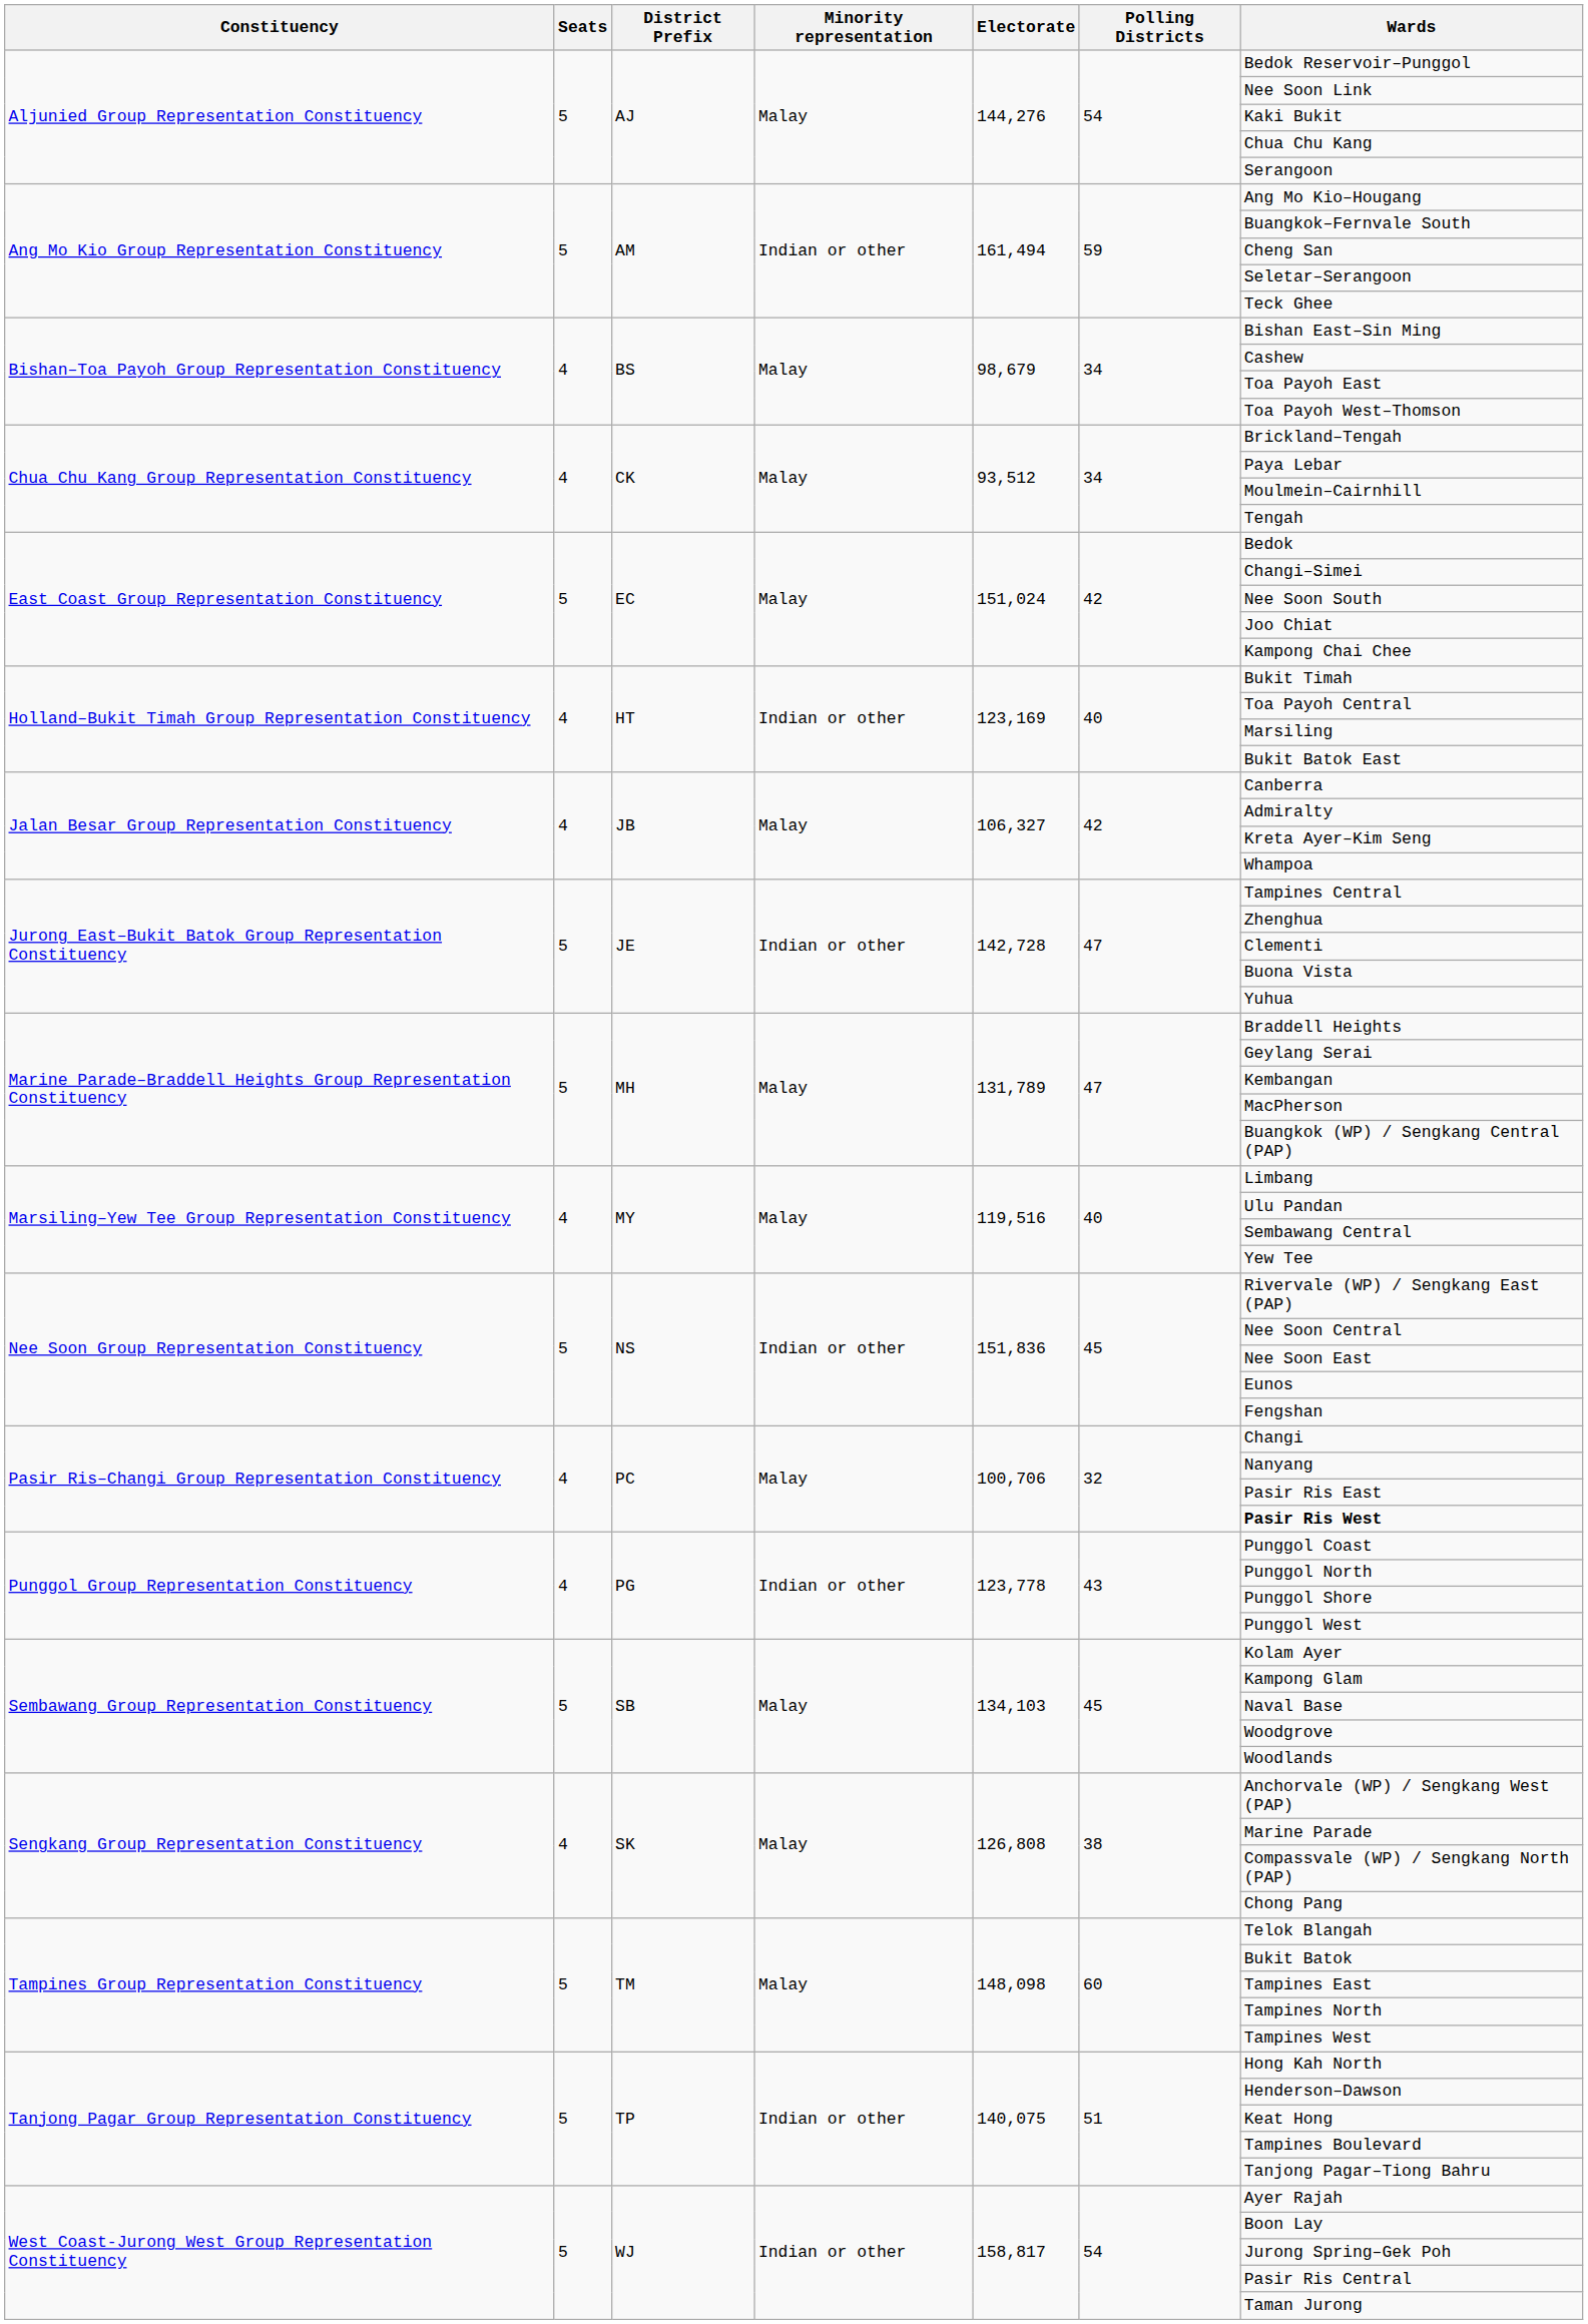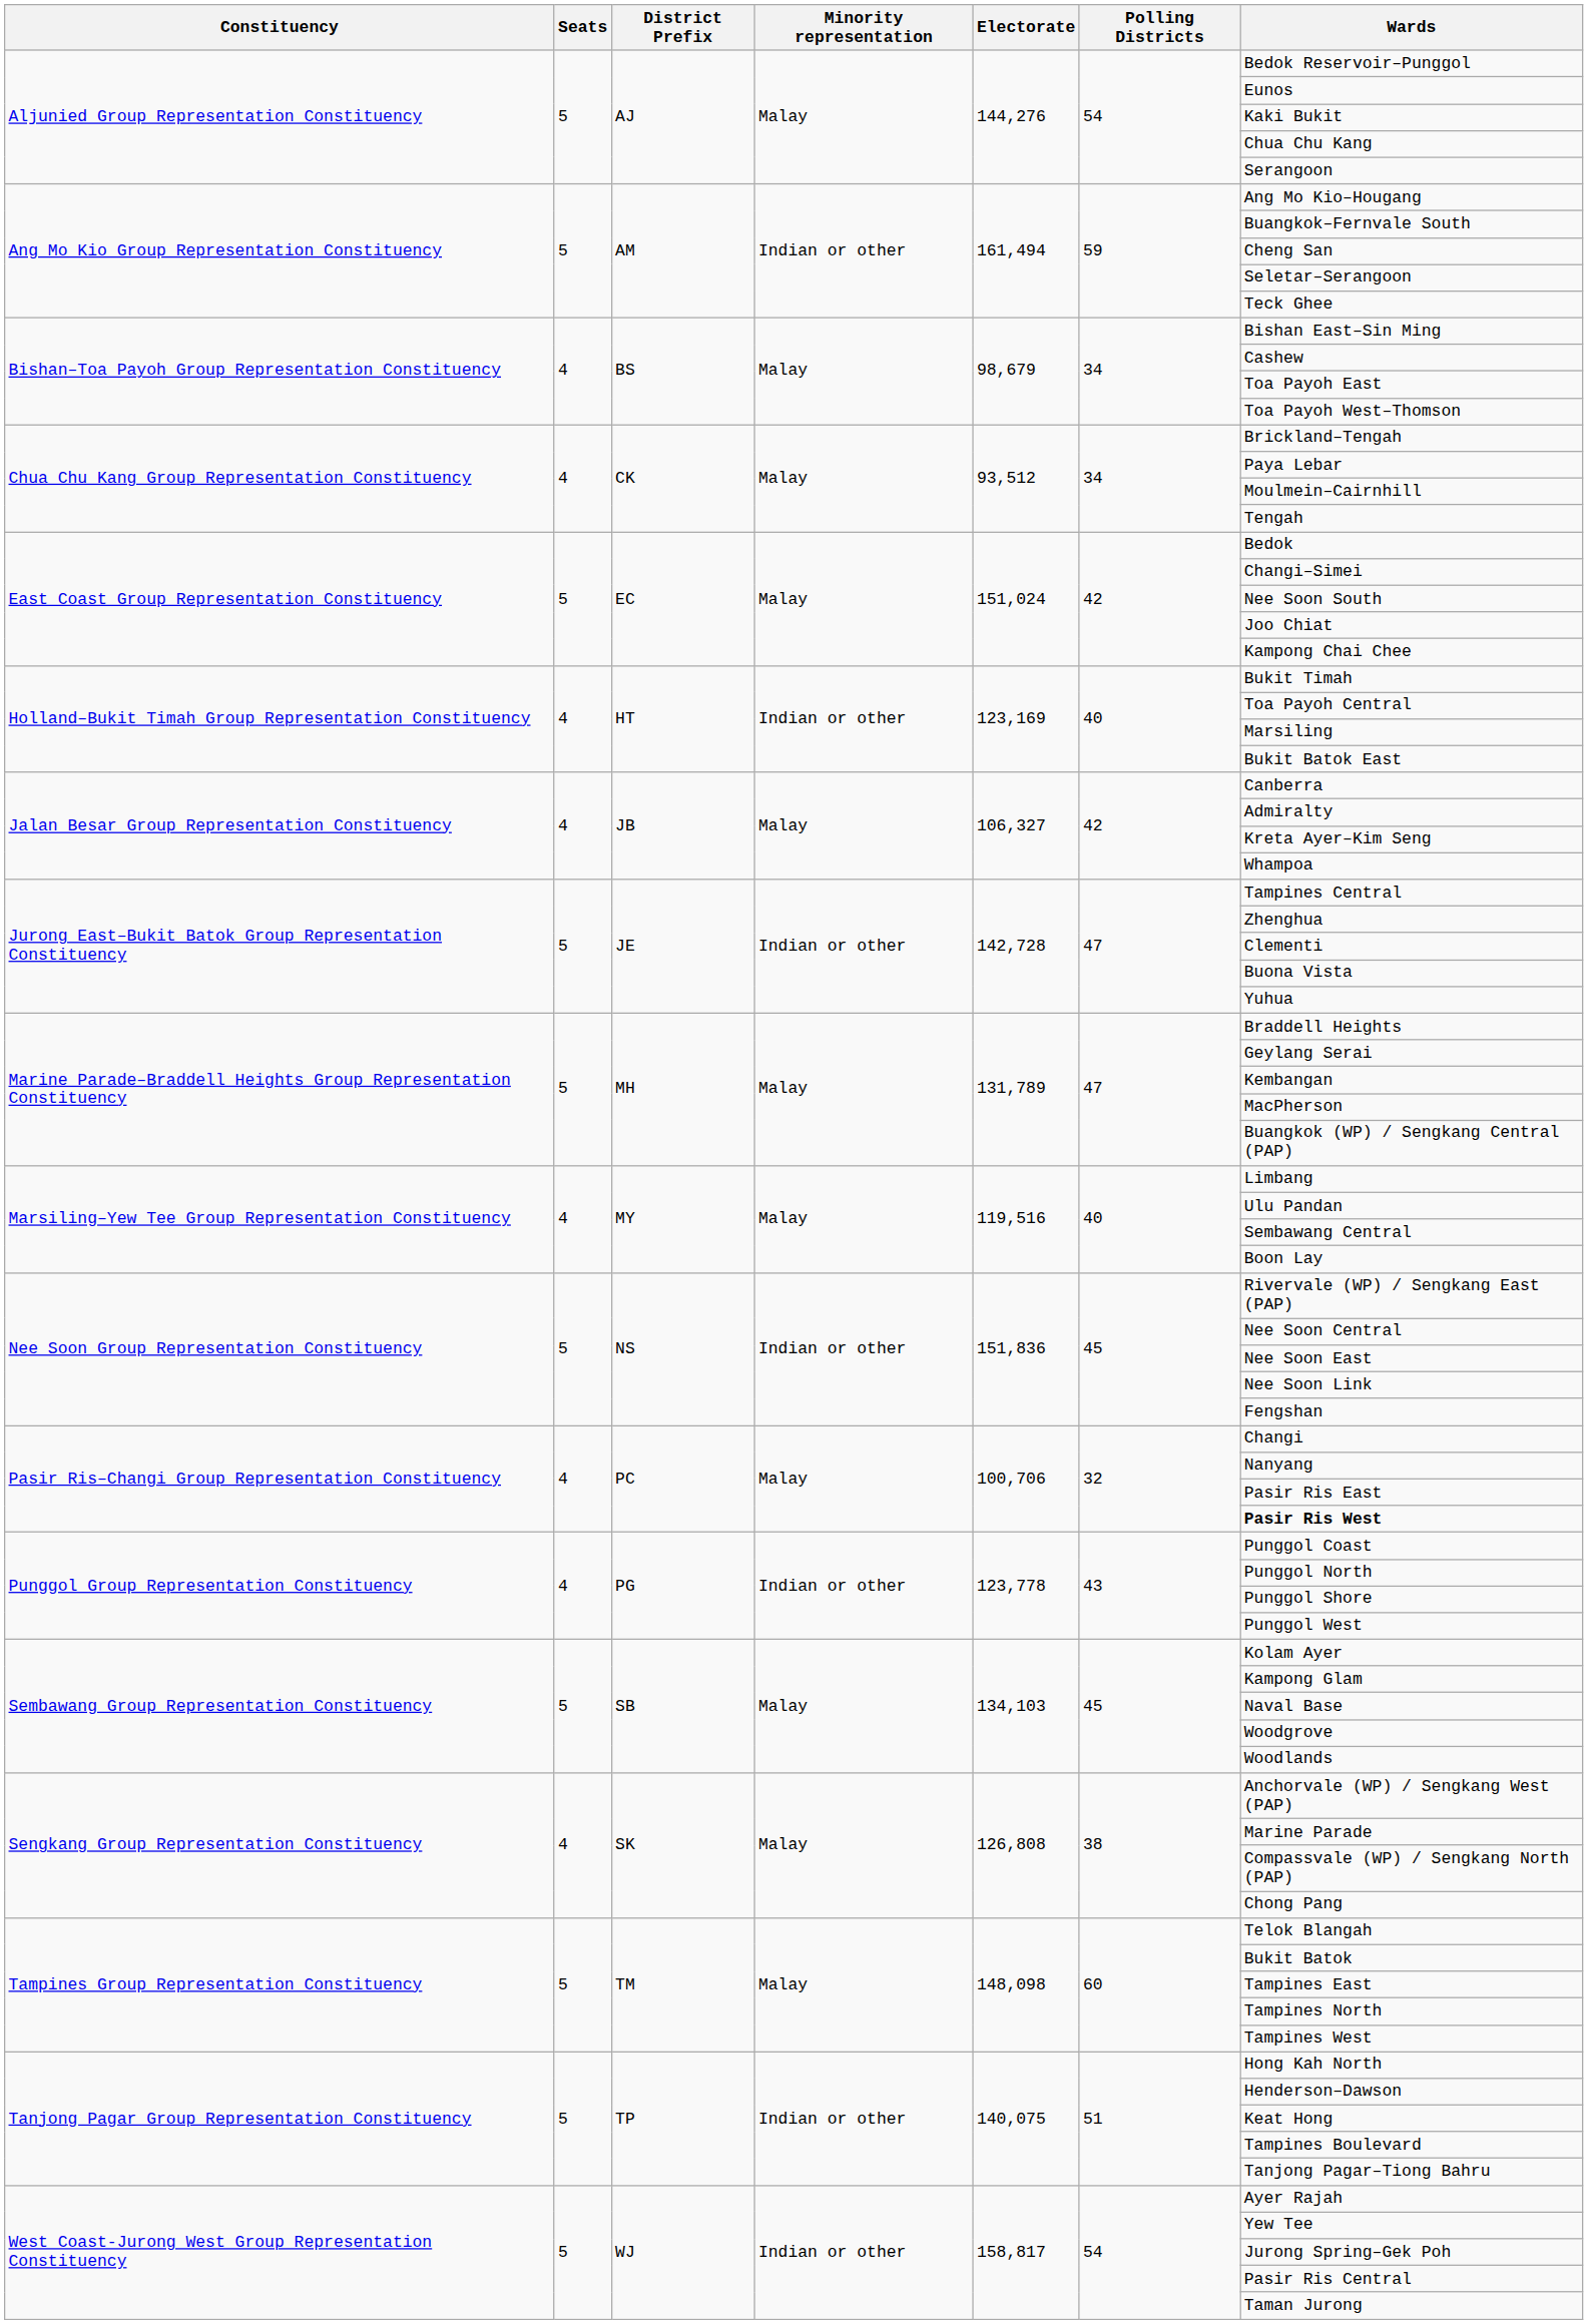 <table class="wikitable sortable">
 <tr>
 <th>Constituency</th>
 <th>Seats</th>
 <th>District Prefix</th>
 <th>Minority representation</th>
 <th>Electorate</th>
 <th>Polling Districts</th>
 <th>Wards</th>
 </tr>
 <tr>
 <td rowspan="5"><a href='#'>Aljunied Group Representation Constituency</a></td>
 <td rowspan="5">5</td>
 <td rowspan="5">AJ</td>
 <td rowspan="5">Malay</td>
 <td rowspan="5">144,276</td>
 <td rowspan="5">54</td>
 <td>Bedok Reservoir–Punggol</td>
 </tr>
 <tr>
-<td>Nee Soon Link</td>
+<td>Eunos</td>
 </tr>
 <tr>
 <td>Kaki Bukit</td>
 </tr>
 <tr>
 <td>Chua Chu Kang</td>
 </tr>
 <tr>
 <td>Serangoon</td>
 </tr>
 <tr>
 <td rowspan="5"><a href='#'>Ang Mo Kio Group Representation Constituency</a></td>
 <td rowspan="5">5</td>
 <td rowspan="5">AM</td>
 <td rowspan="5">Indian or other</td>
 <td rowspan="5">161,494</td>
 <td rowspan="5">59</td>
 <td>Ang Mo Kio–Hougang</td>
 </tr>
 <tr>
 <td>Buangkok–Fernvale South</td>
 </tr>
 <tr>
 <td>Cheng San</td>
 </tr>
 <tr>
 <td>Seletar–Serangoon</td>
 </tr>
 <tr>
 <td>Teck Ghee</td>
 </tr>
 <tr>
 <td rowspan="4"><a href='#'>Bishan–Toa Payoh Group Representation Constituency</a></td>
 <td rowspan="4">4</td>
 <td rowspan="4">BS</td>
 <td rowspan="4">Malay</td>
 <td rowspan="4">98,679</td>
 <td rowspan="4">34</td>
 <td>Bishan East–Sin Ming</td>
 </tr>
 <tr>
 <td>Cashew</td>
 </tr>
 <tr>
 <td>Toa Payoh East</td>
 </tr>
 <tr>
 <td>Toa Payoh West–Thomson</td>
 </tr>
 <tr>
 <td rowspan="4"><a href='#'>Chua Chu Kang Group Representation Constituency</a></td>
 <td rowspan="4">4</td>
 <td rowspan="4">CK</td>
 <td rowspan="4">Malay</td>
 <td rowspan="4">93,512</td>
 <td rowspan="4">34</td>
 <td>Brickland–Tengah</td>
 </tr>
 <tr>
 <td>Paya Lebar</td>
 </tr>
 <tr>
 <td>Moulmein–Cairnhill</td>
 </tr>
 <tr>
 <td>Tengah</td>
 </tr>
 <tr>
 <td rowspan="5"><a href='#'>East Coast Group Representation Constituency</a></td>
 <td rowspan="5">5</td>
 <td rowspan="5">EC</td>
 <td rowspan="5">Malay</td>
 <td rowspan="5">151,024</td>
 <td rowspan="5">42</td>
 <td>Bedok</td>
 </tr>
 <tr>
 <td>Changi–Simei</td>
 </tr>
 <tr>
 <td>Nee Soon South</td>
 </tr>
 <tr>
 <td>Joo Chiat</td>
 </tr>
 <tr>
 <td>Kampong Chai Chee</td>
 </tr>
 <tr>
 <td rowspan="4"><a href='#'>Holland–Bukit Timah Group Representation Constituency</a></td>
 <td rowspan="4">4</td>
 <td rowspan="4">HT</td>
 <td rowspan="4">Indian or other</td>
 <td rowspan="4">123,169</td>
 <td rowspan="4">40</td>
 <td>Bukit Timah</td>
 </tr>
 <tr>
 <td>Toa Payoh Central</td>
 </tr>
 <tr>
 <td>Marsiling</td>
 </tr>
 <tr>
 <td>Bukit Batok East</td>
 </tr>
 <tr>
 <td rowspan="4"><a href='#'>Jalan Besar Group Representation Constituency</a></td>
 <td rowspan="4">4</td>
 <td rowspan="4">JB</td>
 <td rowspan="4">Malay</td>
 <td rowspan="4">106,327</td>
 <td rowspan="4">42</td>
 <td>Canberra</td>
 </tr>
 <tr>
 <td>Admiralty</td>
 </tr>
 <tr>
 <td>Kreta Ayer–Kim Seng</td>
 </tr>
 <tr>
 <td>Whampoa</td>
 </tr>
 <tr>
 <td rowspan="5"><a href='#'>Jurong East–Bukit Batok Group Representation Constituency</a></td>
 <td rowspan="5">5</td>
 <td rowspan="5">JE</td>
 <td rowspan="5">Indian or other</td>
 <td rowspan="5">142,728</td>
 <td rowspan="5">47</td>
 <td>Tampines Central</td>
 </tr>
 <tr>
 <td>Zhenghua</td>
 </tr>
 <tr>
 <td>Clementi</td>
 </tr>
 <tr>
 <td>Buona Vista</td>
 </tr>
 <tr>
 <td>Yuhua</td>
 </tr>
 <tr>
 <td rowspan="5"><a href='#'>Marine Parade–Braddell Heights Group Representation Constituency</a></td>
 <td rowspan="5">5</td>
 <td rowspan="5">MH</td>
 <td rowspan="5">Malay</td>
 <td rowspan="5">131,789</td>
 <td rowspan="5">47</td>
 <td>Braddell Heights</td>
 </tr>
 <tr>
 <td>Geylang Serai</td>
 </tr>
 <tr>
 <td>Kembangan</td>
 </tr>
 <tr>
 <td>MacPherson</td>
 </tr>
 <tr>
 <td>Buangkok (WP) / Sengkang Central (PAP)</td>
 </tr>
 <tr>
 <td rowspan="4"><a href='#'>Marsiling–Yew Tee Group Representation Constituency</a></td>
 <td rowspan="4">4</td>
 <td rowspan="4">MY</td>
 <td rowspan="4">Malay</td>
 <td rowspan="4">119,516</td>
 <td rowspan="4">40</td>
 <td>Limbang</td>
 </tr>
 <tr>
 <td>Ulu Pandan</td>
 </tr>
 <tr>
 <td>Sembawang Central</td>
 </tr>
 <tr>
-<td>Yew Tee</td>
+<td>Boon Lay</td>
 </tr>
 <tr>
 <td rowspan="5"><a href='#'>Nee Soon Group Representation Constituency</a></td>
 <td rowspan="5">5</td>
 <td rowspan="5">NS</td>
 <td rowspan="5">Indian or other</td>
 <td rowspan="5">151,836</td>
 <td rowspan="5">45</td>
 <td>Rivervale (WP) / Sengkang East (PAP)</td>
 </tr>
 <tr>
 <td>Nee Soon Central</td>
 </tr>
 <tr>
 <td>Nee Soon East</td>
 </tr>
 <tr>
-<td>Eunos</td>
+<td>Nee Soon Link</td>
 </tr>
 <tr>
 <td>Fengshan</td>
 </tr>
 <tr>
 <td rowspan="4"><a href='#'>Pasir Ris–Changi Group Representation Constituency</a></td>
 <td rowspan="4">4</td>
 <td rowspan="4">PC</td>
 <td rowspan="4">Malay</td>
 <td rowspan="4">100,706</td>
 <td rowspan="4">32</td>
 <td>Changi</td>
 </tr>
 <tr>
 <td>Nanyang</td>
 </tr>
 <tr>
 <td>Pasir Ris East</td>
 </tr>
 <tr>
 <td><strong>Pasir Ris West</strong></td>
 </tr>
 <tr>
 <td rowspan="4"><a href='#'>Punggol Group Representation Constituency</a></td>
 <td rowspan="4">4</td>
 <td rowspan="4">PG</td>
 <td rowspan="4">Indian or other</td>
 <td rowspan="4">123,778</td>
 <td rowspan="4">43</td>
 <td>Punggol Coast</td>
 </tr>
 <tr>
 <td>Punggol North</td>
 </tr>
 <tr>
 <td>Punggol Shore</td>
 </tr>
 <tr>
 <td>Punggol West</td>
 </tr>
 <tr>
 <td rowspan="5"><a href='#'>Sembawang Group Representation Constituency</a></td>
 <td rowspan="5">5</td>
 <td rowspan="5">SB</td>
 <td rowspan="5">Malay</td>
 <td rowspan="5">134,103</td>
 <td rowspan="5">45</td>
 <td>Kolam Ayer</td>
 </tr>
 <tr>
 <td>Kampong Glam</td>
 </tr>
 <tr>
 <td>Naval Base</td>
 </tr>
 <tr>
 <td>Woodgrove</td>
 </tr>
 <tr>
 <td>Woodlands</td>
 </tr>
 <tr>
 <td rowspan="4"><a href='#'>Sengkang Group Representation Constituency</a></td>
 <td rowspan="4">4</td>
 <td rowspan="4">SK</td>
 <td rowspan="4">Malay</td>
 <td rowspan="4">126,808</td>
 <td rowspan="4">38</td>
 <td>Anchorvale (WP) / Sengkang West (PAP)</td>
 </tr>
 <tr>
 <td>Marine Parade</td>
 </tr>
 <tr>
 <td>Compassvale (WP) / Sengkang North (PAP)</td>
 </tr>
 <tr>
 <td>Chong Pang</td>
 </tr>
 <tr>
 <td rowspan="5"><a href='#'>Tampines Group Representation Constituency</a></td>
 <td rowspan="5">5</td>
 <td rowspan="5">TM</td>
 <td rowspan="5">Malay</td>
 <td rowspan="5">148,098</td>
 <td rowspan="5">60</td>
 <td>Telok Blangah</td>
 </tr>
 <tr>
 <td>Bukit Batok</td>
 </tr>
 <tr>
 <td>Tampines East</td>
 </tr>
 <tr>
 <td>Tampines North</td>
 </tr>
 <tr>
 <td>Tampines West</td>
 </tr>
 <tr>
 <td rowspan="5"><a href='#'>Tanjong Pagar Group Representation Constituency</a></td>
 <td rowspan="5">5</td>
 <td rowspan="5">TP</td>
 <td rowspan="5">Indian or other</td>
 <td rowspan="5">140,075</td>
 <td rowspan="5">51</td>
 <td>Hong Kah North</td>
 </tr>
 <tr>
 <td>Henderson–Dawson</td>
 </tr>
 <tr>
 <td>Keat Hong</td>
 </tr>
 <tr>
 <td>Tampines Boulevard</td>
 </tr>
 <tr>
 <td>Tanjong Pagar–Tiong Bahru</td>
 </tr>
 <tr>
 <td rowspan="5"><a href='#'>West Coast-Jurong West Group Representation Constituency</a></td>
 <td rowspan="5">5</td>
 <td rowspan="5">WJ</td>
 <td rowspan="5">Indian or other</td>
 <td rowspan="5">158,817</td>
 <td rowspan="5">54</td>
 <td>Ayer Rajah</td>
 </tr>
 <tr>
-<td>Boon Lay</td>
+<td>Yew Tee</td>
 </tr>
 <tr>
 <td>Jurong Spring–Gek Poh</td>
 </tr>
 <tr>
 <td>Pasir Ris Central</td>
 </tr>
 <tr>
 <td>Taman Jurong</td>
 </tr>
 </table>
